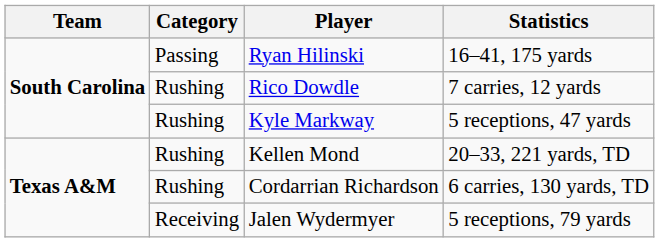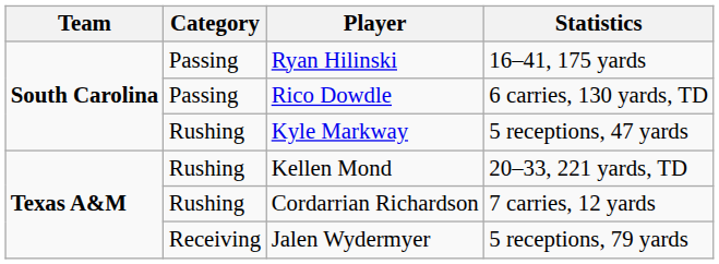 <table class="wikitable" style="float: right;">
 <tr>
 <th>Team</th>
 <th>Category</th>
 <th>Player</th>
 <th>Statistics</th>
 </tr>
 <tr>
 <td rowspan=3><strong>South Carolina</strong></td>
 <td>Passing</td>
 <td><a href='#'>Ryan Hilinski</a></td>
 <td>16–41, 175 yards</td>
 </tr>
 <tr>
-<td>Rushing</td>
+<td>Passing</td>
 <td><a href='#'>Rico Dowdle</a></td>
-<td>7 carries, 12 yards</td>
+<td>6 carries, 130 yards, TD</td>
 </tr>
 <tr>
 <td>Rushing</td>
 <td><a href='#'>Kyle Markway</a></td>
 <td>5 receptions, 47 yards</td>
 </tr>
 <tr>
 <td rowspan=3><strong>Texas A&M</strong></td>
 <td>Rushing</td>
 <td>Kellen Mond</td>
 <td>20–33, 221 yards, TD</td>
 </tr>
 <tr>
 <td>Rushing</td>
 <td>Cordarrian Richardson</td>
-<td>6 carries, 130 yards, TD</td>
+<td>7 carries, 12 yards</td>
 </tr>
 <tr>
 <td>Receiving</td>
 <td>Jalen Wydermyer</td>
 <td>5 receptions, 79 yards</td>
 </tr>
 </table>
